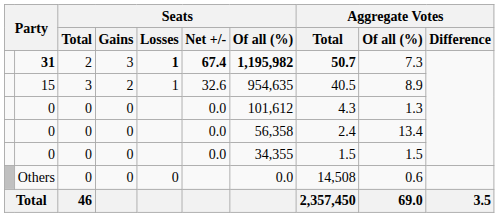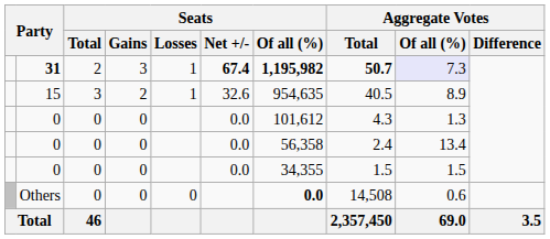 <table class="wikitable sortable" style="text-align:right; font-size:95%;">
 <tr>
 <th colspan="2" rowspan="2">Party</th>
 <th colspan="5">Seats</th>
 <th colspan="3">Aggregate Votes</th>
 </tr>
 <tr>
 <th>Total</th>
 <th>Gains</th>
 <th>Losses</th>
 <th>Net +/-</th>
 <th>Of all (%)</th>
 <th>Total</th>
 <th>Of all (%)</th>
 <th>Difference</th>
 </tr>
 <tr>
 <td></td>
 <td><strong>31</strong></td>
 <td>2</td>
 <td>3</td>
-<td><strong>1</strong></td>
+<td>1</td>
 <td><strong>67.4</strong></td>
 <td><strong>1,195,982</strong></td>
 <td><strong>50.7</strong></td>
-<td>7.3</td>
+<td style="background: lavender;">7.3</td>
 </tr>
 <tr>
 <td></td>
 <td>15</td>
 <td>3</td>
 <td>2</td>
 <td>1</td>
 <td>32.6</td>
 <td>954,635</td>
 <td>40.5</td>
 <td>8.9</td>
 </tr>
 <tr>
 <td></td>
 <td>0</td>
 <td>0</td>
 <td>0</td>
 <td></td>
 <td>0.0</td>
 <td>101,612</td>
 <td>4.3</td>
 <td>1.3</td>
 </tr>
 <tr>
 <td></td>
 <td>0</td>
 <td>0</td>
 <td>0</td>
 <td></td>
 <td>0.0</td>
 <td>56,358</td>
 <td>2.4</td>
 <td>13.4</td>
 </tr>
 <tr>
 <td></td>
 <td>0</td>
 <td>0</td>
 <td>0</td>
 <td></td>
 <td>0.0</td>
 <td>34,355</td>
 <td>1.5</td>
 <td>1.5</td>
 </tr>
 <tr>
 <td style="background:silver;"> </td>
 <td align=left>Others</td>
 <td>0</td>
 <td>0</td>
 <td>0</td>
 <td></td>
-<td>0.0</td>
+<td><strong>0.0</strong></td>
 <td>14,508</td>
 <td>0.6</td>
 <td></td>
 </tr>
 <tr class="sortbottom">
 <th colspan="2" style="background:#f2f2f2">Total</th>
 <td style="background:#f2f2f2;"><strong>46</strong></td>
 <td style="background:#f2f2f2;"></td>
 <td style="background:#f2f2f2;"></td>
 <td style="background:#f2f2f2;"></td>
 <td style="background:#f2f2f2;"></td>
 <td style="background:#f2f2f2;"><strong>2,357,450</strong></td>
 <td style="background:#f2f2f2;"><strong>69.0</strong></td>
 <td style="background:#f2f2f2;"><strong>3.5</strong></td>
 </tr>
 </table>
